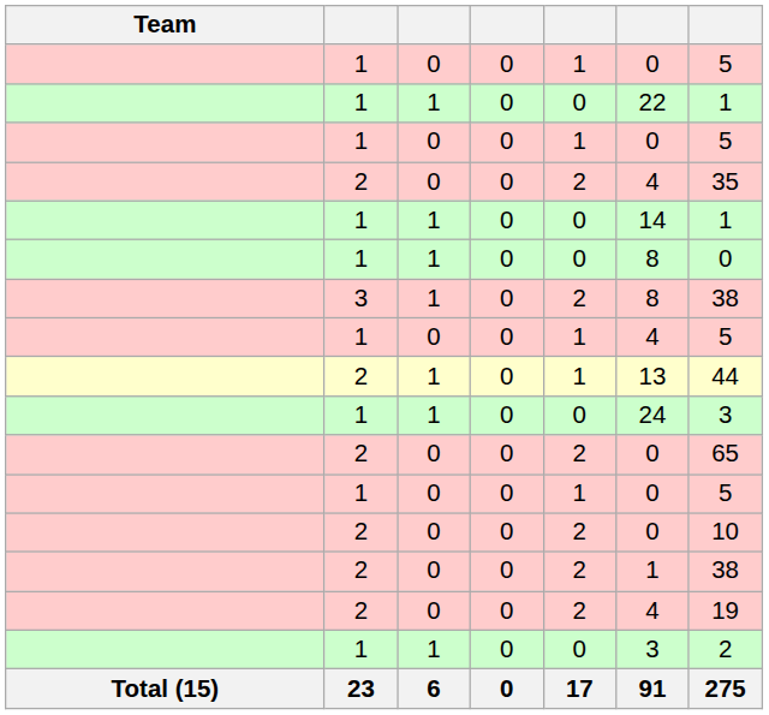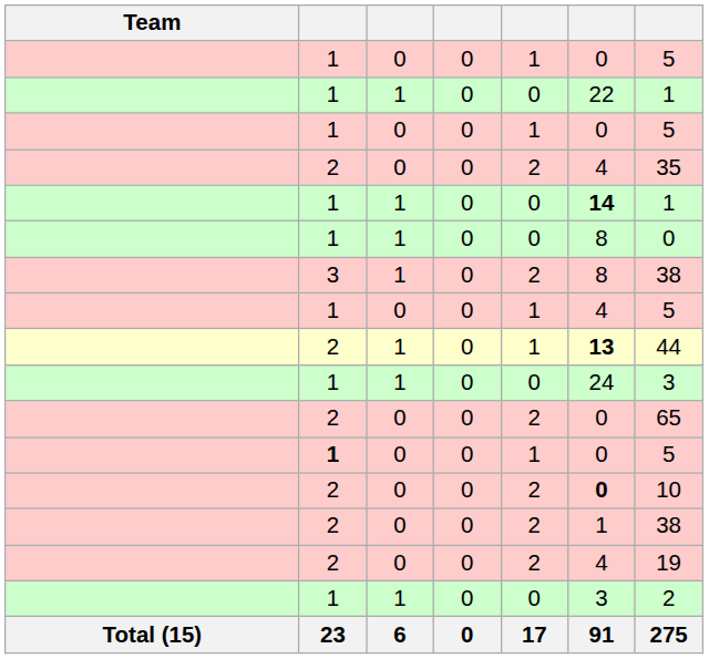 <table class="wikitable" style="text-align:center;">
 <tr>
 <th width=200>Team</th>
 <th width=40></th>
 <th width=40></th>
 <th width=40></th>
 <th width=40></th>
 <th width=40></th>
 <th width=40></th>
 </tr>
 <tr bgcolor=#FFCCCC>
 <td align=left></td>
 <td>1</td>
 <td>0</td>
 <td>0</td>
 <td>1</td>
 <td>0</td>
 <td>5</td>
 </tr>
 <tr bgcolor=#CCFFCC>
 <td align=left></td>
 <td>1</td>
 <td>1</td>
 <td>0</td>
 <td>0</td>
 <td>22</td>
 <td>1</td>
 </tr>
 <tr bgcolor=#FFCCCC>
 <td align=left></td>
 <td>1</td>
 <td>0</td>
 <td>0</td>
 <td>1</td>
 <td>0</td>
 <td>5</td>
 </tr>
 <tr bgcolor=#FFCCCC>
 <td align=left></td>
 <td>2</td>
 <td>0</td>
 <td>0</td>
 <td>2</td>
 <td>4</td>
 <td>35</td>
 </tr>
 <tr bgcolor=#CCFFCC>
 <td align=left></td>
 <td>1</td>
 <td>1</td>
 <td>0</td>
 <td>0</td>
-<td>14</td>
+<td><strong>14</strong></td>
 <td>1</td>
 </tr>
 <tr bgcolor=#CCFFCC>
 <td align=left></td>
 <td>1</td>
 <td>1</td>
 <td>0</td>
 <td>0</td>
 <td>8</td>
 <td>0</td>
 </tr>
 <tr bgcolor=#FFCCCC>
 <td align=left></td>
 <td>3</td>
 <td>1</td>
 <td>0</td>
 <td>2</td>
 <td>8</td>
 <td>38</td>
 </tr>
 <tr bgcolor=#FFCCCC>
 <td align=left></td>
 <td>1</td>
 <td>0</td>
 <td>0</td>
 <td>1</td>
 <td>4</td>
 <td>5</td>
 </tr>
 <tr bgcolor=#FFFFCC>
 <td align=left></td>
 <td>2</td>
 <td>1</td>
 <td>0</td>
 <td>1</td>
-<td>13</td>
+<td><strong>13</strong></td>
 <td>44</td>
 </tr>
 <tr bgcolor=#CCFFCC>
 <td align=left></td>
 <td>1</td>
 <td>1</td>
 <td>0</td>
 <td>0</td>
 <td>24</td>
 <td>3</td>
 </tr>
 <tr bgcolor=#FFCCCC>
 <td align=left></td>
 <td>2</td>
 <td>0</td>
 <td>0</td>
 <td>2</td>
 <td>0</td>
 <td>65</td>
 </tr>
 <tr bgcolor=#FFCCCC>
 <td align=left></td>
-<td>1</td>
+<td><strong>1</strong></td>
 <td>0</td>
 <td>0</td>
 <td>1</td>
 <td>0</td>
 <td>5</td>
 </tr>
 <tr bgcolor=#FFCCCC>
 <td align=left></td>
 <td>2</td>
 <td>0</td>
 <td>0</td>
 <td>2</td>
-<td>0</td>
+<td><strong>0</strong></td>
 <td>10</td>
 </tr>
 <tr bgcolor=#FFCCCC>
 <td align=left></td>
 <td>2</td>
 <td>0</td>
 <td>0</td>
 <td>2</td>
 <td>1</td>
 <td>38</td>
 </tr>
 <tr bgcolor=#FFCCCC>
 <td align=left></td>
 <td>2</td>
 <td>0</td>
 <td>0</td>
 <td>2</td>
 <td>4</td>
 <td>19</td>
 </tr>
 <tr bgcolor=#CCFFCC>
 <td align=left></td>
 <td>1</td>
 <td>1</td>
 <td>0</td>
 <td>0</td>
 <td>3</td>
 <td>2</td>
 </tr>
 <tr class="sortbottom">
 <th>Total (15)</th>
 <th>23</th>
 <th>6</th>
 <th>0</th>
 <th>17</th>
 <th>91</th>
 <th>275</th>
 </tr>
 </table>
